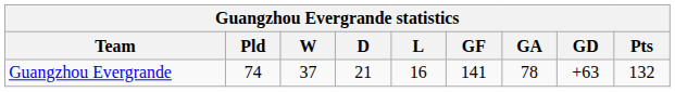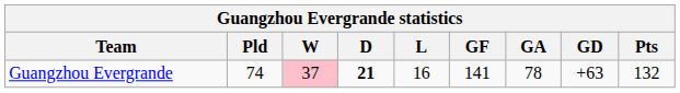 <table width=70% class="wikitable" style="text-align:">
 <tr>
 <th colspan=9>Guangzhou Evergrande statistics</th>
 </tr>
 <tr>
 <th width=20%>Team</th>
 <th width=5%>Pld</th>
 <th width=5%>W</th>
 <th width=5%>D</th>
 <th width=5%>L</th>
 <th width=5%>GF</th>
 <th width=5%>GA</th>
 <th width=5%>GD</th>
 <th width=5%>Pts</th>
 </tr>
 <tr align=center>
 <td align=left> <a href='#'>Guangzhou Evergrande</a></td>
 <td>74</td>
-<td>37</td>
-<td>21</td>
+<td style="background: pink;">37</td>
+<td><strong>21</strong></td>
 <td>16</td>
 <td>141</td>
 <td>78</td>
 <td>+63</td>
 <td>132</td>
 </tr>
 </table>
